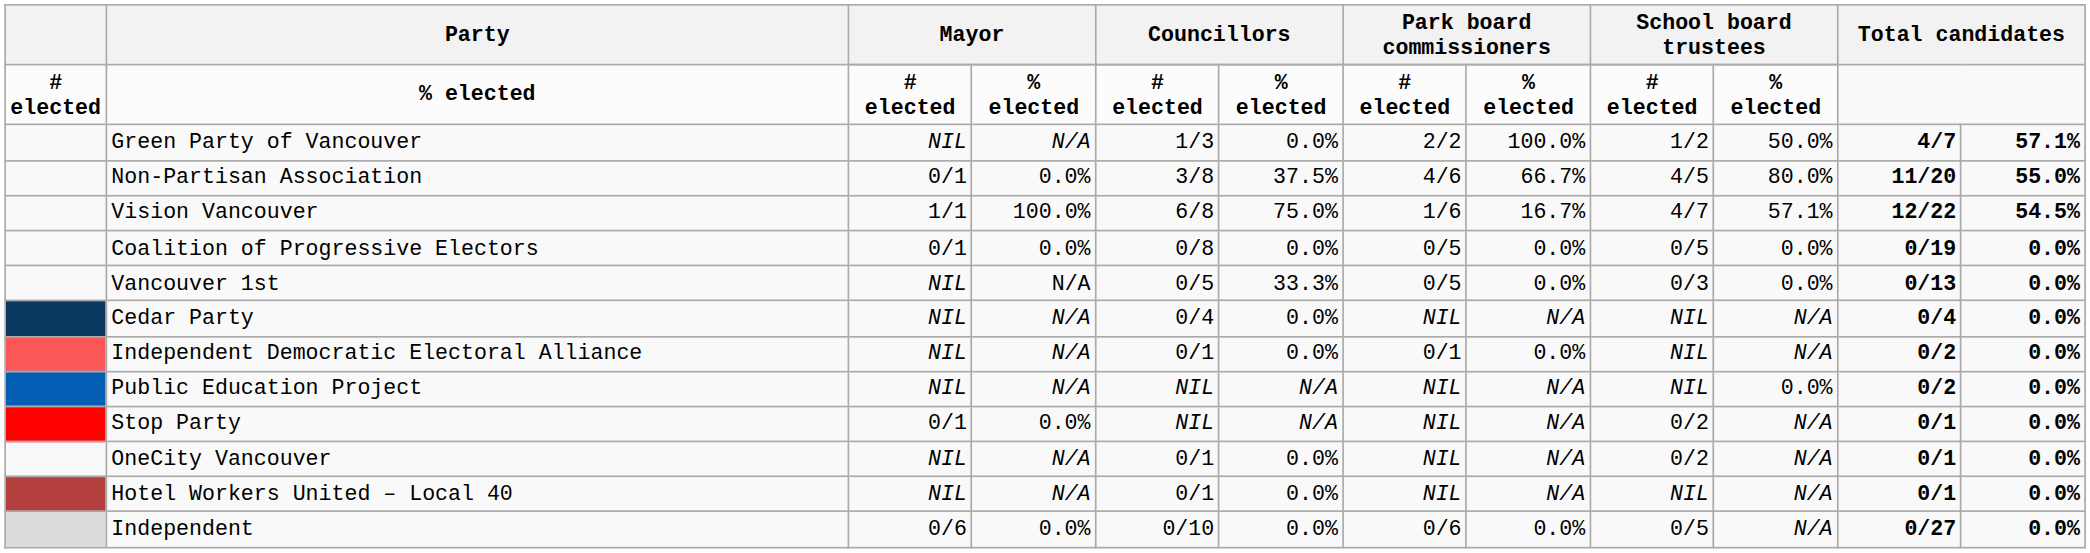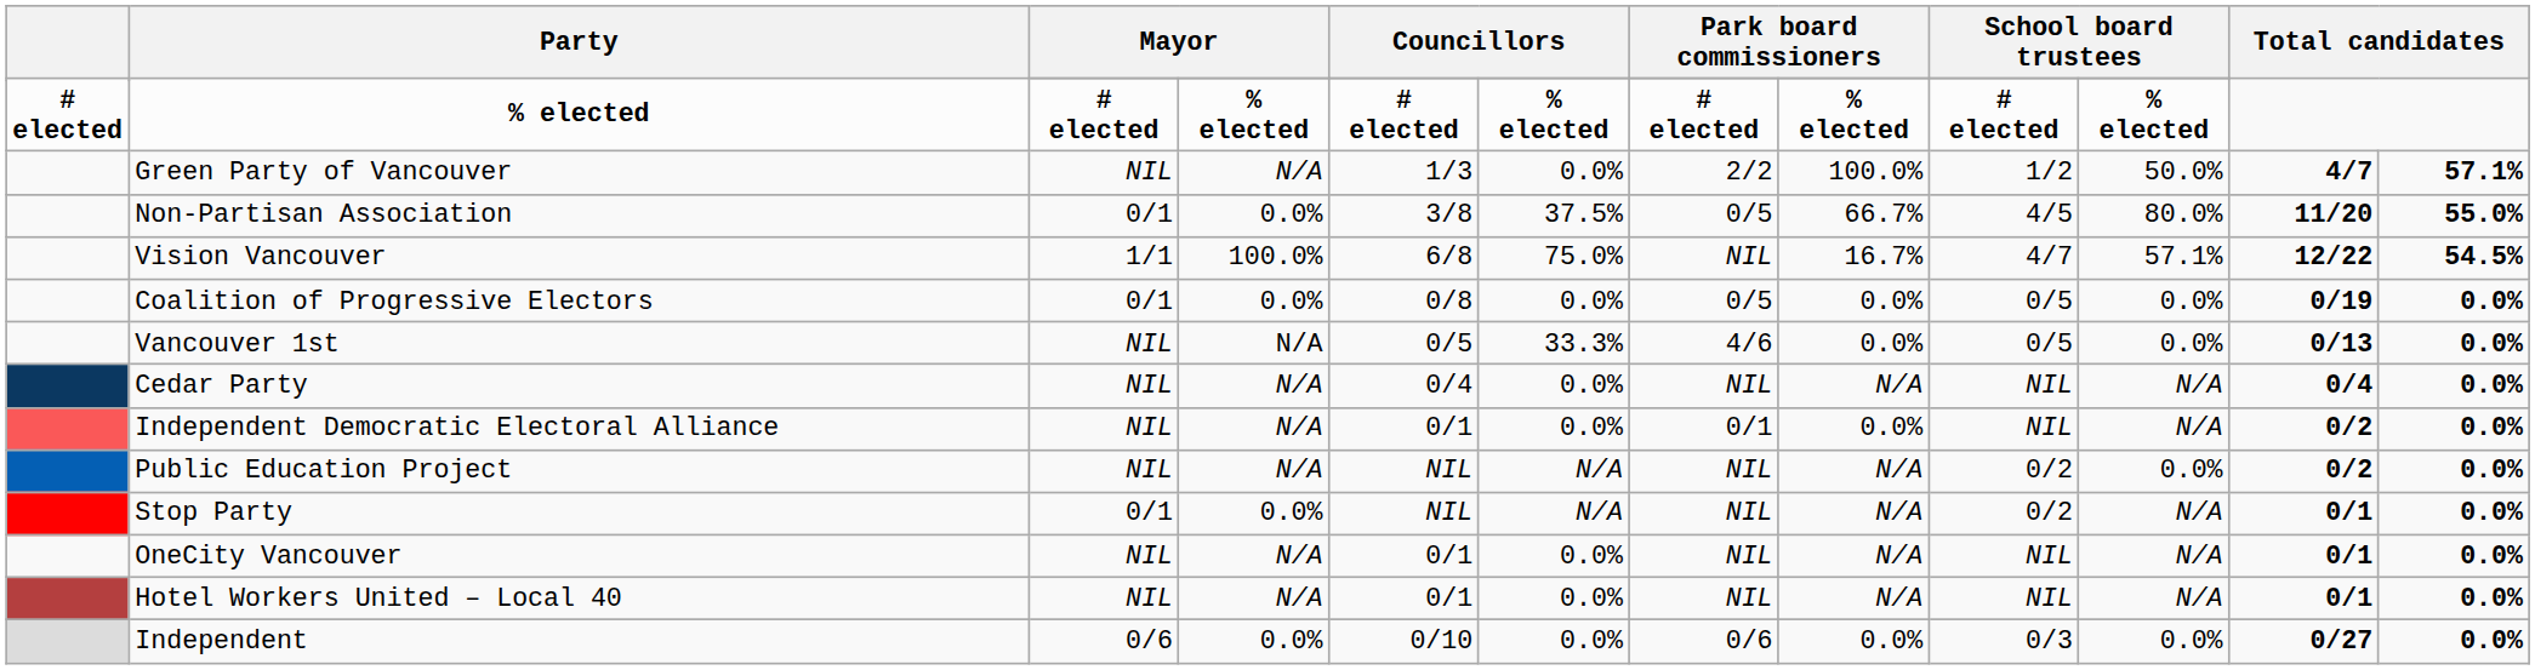 <table class="wikitable" style="text-align:center; margin:5px">
 <tr>
 <th rowspan="2" style="width:0.05%;"></th>
 <th rowspan="2" style="width:30%;">Party</th>
 <th colspan="2" style="width:10%;">Mayor</th>
 <th colspan="2" style="width:10%;">Councillors</th>
 <th colspan="2" style="width:10%;">Park board commissioners</th>
 <th colspan="2" style="width:10%;">School board trustees</th>
 <th colspan="2" style="width:10%;">Total candidates</th>
 </tr>
 <tr>
 </tr>
 <tr bgcolor=#fcfcfc>
 <td align="center"><strong># elected</strong></td>
 <td align="center"><strong>% elected</strong></td>
 <td align="center"><strong># elected</strong></td>
 <td align="center"><strong>% elected</strong></td>
 <td align="center"><strong># elected</strong></td>
 <td align="center"><strong>% elected</strong></td>
 <td align="center"><strong># elected</strong></td>
 <td align="center"><strong>% elected</strong></td>
 <td align="center"><strong># elected</strong></td>
 <td align="center"><strong>% elected</strong></td>
 </tr>
 <tr>
 <td style="background:"></td>
 <td align="left">Green Party of Vancouver</td>
 <td align="right"><em>NIL</em></td>
 <td align="right"><em>N/A</em></td>
 <td align="right">1/3</td>
 <td align="right">0.0%</td>
 <td align="right">2/2</td>
 <td align="right">100.0%</td>
 <td align="right">1/2</td>
 <td align="right">50.0%</td>
 <td align="right"><strong>4/7</strong></td>
 <td align="right"><strong>57.1%</strong></td>
 </tr>
 <tr>
 <td style="background:"></td>
 <td align="left">Non-Partisan Association</td>
 <td align="right">0/1</td>
 <td align="right">0.0%</td>
 <td align="right">3/8</td>
 <td align="right">37.5%</td>
-<td align="right">4/6</td>
+<td align="right">0/5</td>
 <td align="right">66.7%</td>
 <td align="right">4/5</td>
 <td align="right">80.0%</td>
 <td align="right"><strong>11/20</strong></td>
 <td align="right"><strong>55.0%</strong></td>
 </tr>
 <tr>
 <td style="background:"></td>
 <td align="left">Vision Vancouver</td>
 <td align="right">1/1</td>
 <td align="right">100.0%</td>
 <td align="right">6/8</td>
 <td align="right">75.0%</td>
-<td align="right">1/6</td>
+<td align="right"><em>NIL</em></td>
 <td align="right">16.7%</td>
 <td align="right">4/7</td>
 <td align="right">57.1%</td>
 <td align="right"><strong>12/22</strong></td>
 <td align="right"><strong>54.5%</strong></td>
 </tr>
 <tr>
 <td style="background:"></td>
 <td align="left">Coalition of Progressive Electors</td>
 <td align="right">0/1</td>
 <td align="right">0.0%</td>
 <td align="right">0/8</td>
 <td align="right">0.0%</td>
 <td align="right">0/5</td>
 <td align="right">0.0%</td>
 <td align="right">0/5</td>
 <td align="right">0.0%</td>
 <td align="right"><strong>0/19</strong></td>
 <td align="right"><strong>0.0%</strong></td>
 </tr>
 <tr>
 <td style="background:"></td>
 <td align="left">Vancouver 1st</td>
 <td align="right"><em>NIL</em></td>
 <td align="right">N/A</td>
 <td align="right">0/5</td>
 <td align="right">33.3%</td>
+<td align="right">4/6</td>
+<td align="right">0.0%</td>
 <td align="right">0/5</td>
-<td align="right">0.0%</td>
-<td align="right">0/3</td>
 <td align="right">0.0%</td>
 <td align="right"><strong>0/13</strong></td>
 <td align="right"><strong>0.0%</strong></td>
 </tr>
 <tr>
 <td style="background:#0B3861;"></td>
 <td align="left">Cedar Party</td>
 <td align="right"><em>NIL</em></td>
 <td align="right"><em>N/A</em></td>
 <td align="right">0/4</td>
 <td align="right">0.0%</td>
 <td align="right"><em>NIL</em></td>
 <td align="right"><em>N/A</em></td>
 <td align="right"><em>NIL</em></td>
 <td align="right"><em>N/A</em></td>
 <td align="right"><strong>0/4</strong></td>
 <td align="right"><strong>0.0%</strong></td>
 </tr>
 <tr>
 <td style="background:#FA5858;"></td>
 <td align="left">Independent Democratic Electoral Alliance</td>
 <td align="right"><em>NIL</em></td>
 <td align="right"><em>N/A</em></td>
 <td align="right">0/1</td>
 <td align="right">0.0%</td>
 <td align="right">0/1</td>
 <td align="right">0.0%</td>
 <td align="right"><em>NIL</em></td>
 <td align="right"><em>N/A</em></td>
 <td align="right"><strong>0/2</strong></td>
 <td align="right"><strong>0.0%</strong></td>
 </tr>
 <tr>
 <td style="background:#045FB4;"></td>
 <td align="left">Public Education Project</td>
 <td align="right"><em>NIL</em></td>
 <td align="right"><em>N/A</em></td>
 <td align="right"><em>NIL</em></td>
 <td align="right"><em>N/A</em></td>
 <td align="right"><em>NIL</em></td>
 <td align="right"><em>N/A</em></td>
-<td align="right"><em>NIL</em></td>
+<td align="right">0/2</td>
 <td align="right">0.0%</td>
 <td align="right"><strong>0/2</strong></td>
 <td align="right"><strong>0.0%</strong></td>
 </tr>
 <tr>
 <td style="background:red;"></td>
 <td align="left">Stop Party</td>
 <td align="right">0/1</td>
 <td align="right">0.0%</td>
 <td align="right"><em>NIL</em></td>
 <td align="right"><em>N/A</em></td>
 <td align="right"><em>NIL</em></td>
 <td align="right"><em>N/A</em></td>
 <td align="right">0/2</td>
 <td align="right"><em>N/A</em></td>
 <td align="right"><strong>0/1</strong></td>
 <td align="right"><strong>0.0%</strong></td>
 </tr>
 <tr>
 <td style="background:"></td>
 <td align="left">OneCity Vancouver</td>
 <td align="right"><em>NIL</em></td>
 <td align="right"><em>N/A</em></td>
 <td align="right">0/1</td>
 <td align="right">0.0%</td>
 <td align="right"><em>NIL</em></td>
 <td align="right"><em>N/A</em></td>
-<td align="right">0/2</td>
+<td align="right"><em>NIL</em></td>
 <td align="right"><em>N/A</em></td>
 <td align="right"><strong>0/1</strong></td>
 <td align="right"><strong>0.0%</strong></td>
 </tr>
 <tr>
 <td style="background:#B43F3F;"></td>
 <td align="left">Hotel Workers United – Local 40</td>
 <td align="right"><em>NIL</em></td>
 <td align="right"><em>N/A</em></td>
 <td align="right">0/1</td>
 <td align="right">0.0%</td>
 <td align="right"><em>NIL</em></td>
 <td align="right"><em>N/A</em></td>
 <td align="right"><em>NIL</em></td>
 <td align="right"><em>N/A</em></td>
 <td align="right"><strong>0/1</strong></td>
 <td align="right"><strong>0.0%</strong></td>
 </tr>
 <tr>
 <td style="background:gainsboro;"></td>
 <td align="left">Independent</td>
 <td align="right">0/6</td>
 <td align="right">0.0%</td>
 <td align="right">0/10</td>
 <td align="right">0.0%</td>
 <td align="right">0/6</td>
 <td align="right">0.0%</td>
-<td align="right">0/5</td>
-<td align="right"><em>N/A</em></td>
+<td align="right">0/3</td>
+<td align="right">0.0%</td>
 <td align="right"><strong>0/27</strong></td>
 <td align="right"><strong>0.0%</strong></td>
 </tr>
 </table>
